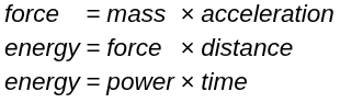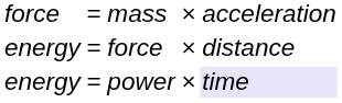 <table style="margin-left:3em !important">
 <tr>
 <td><em>force</em></td>
 <td>=</td>
 <td><em>mass</em></td>
 <td>×</td>
 <td><em>acceleration</em></td>
 </tr>
 <tr>
 <td><em>energy</em></td>
 <td>=</td>
 <td><em>force</em></td>
 <td>×</td>
 <td><em>distance</em></td>
 </tr>
 <tr>
 <td><em>energy</em></td>
 <td>=</td>
 <td><em>power</em></td>
 <td>×</td>
-<td><em>time</em></td>
+<td style="background: lavender;"><em>time</em></td>
 </tr>
 </table>
